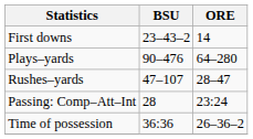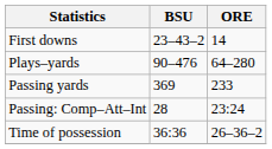 <table class="wikitable">
 <tr>
 <th>Statistics</th>
 <th>BSU</th>
 <th>ORE</th>
 </tr>
 <tr>
 <td>First downs</td>
 <td>23–43–2</td>
 <td>14</td>
 </tr>
 <tr>
 <td>Plays–yards</td>
 <td>90–476</td>
 <td>64–280</td>
 </tr>
 <tr>
-<td>Rushes–yards</td>
-<td>47–107</td>
-<td>28–47</td>
+<td>Passing yards</td>
+<td>369</td>
+<td>233</td>
 </tr>
 <tr>
 <td>Passing: Comp–Att–Int</td>
 <td>28</td>
 <td>23:24</td>
 </tr>
 <tr>
 <td>Time of possession</td>
 <td>36:36</td>
 <td>26–36–2</td>
 </tr>
 <tr>
 </tr>
 </table>
